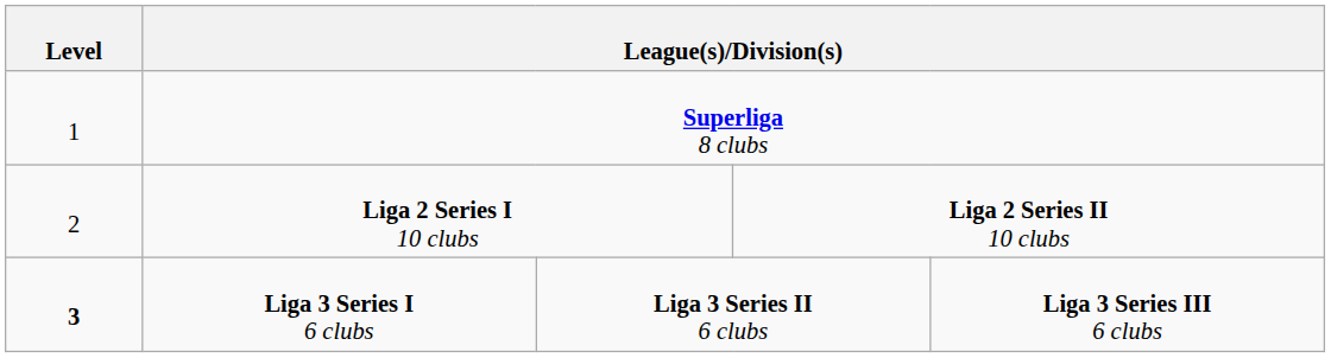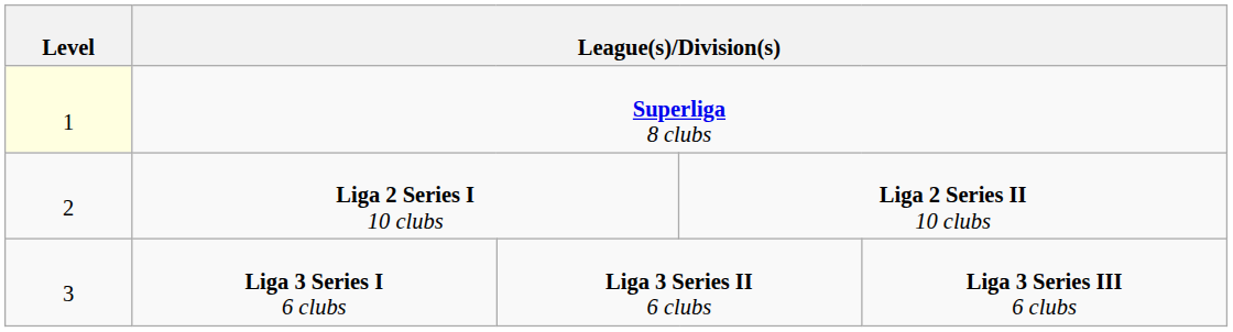 <table class="wikitable" style="text-align:center;">
 <tr>
 <th colspan="1" width="4%"><br>Level</th>
 <th colspan="6" width="98%"><br>League(s)/Division(s)</th>
 </tr>
 <tr>
-<td colspan="1" width="4%"><br>1</td>
+<td colspan="1" width="4%" style="background: lightyellow;"><br>1</td>
 <td colspan="6" width="98%"><br><strong><a href='#'>Superliga</a></strong><br> <em>8 clubs</em></td>
 </tr>
 <tr>
 <td colspan="1" width="4%"><br>2</td>
 <td colspan="3" width="49%"><br><strong>Liga 2 Series I</strong><br> <em>10 clubs</em><br></td>
 <td colspan="3" width="49%"><br><strong>Liga 2 Series II</strong><br> <em>10 clubs</em></td>
 </tr>
 <tr>
-<td colspan="1" width="4%"><strong><br>3</strong></td>
+<td colspan="1" width="4%"><br>3</td>
 <td colspan="2" width="13%"><br><strong>Liga 3 Series I</strong><br> <em>6 clubs</em><br></td>
 <td colspan="2" width="13%"><br><strong>Liga 3 Series II</strong><br> <em>6 clubs</em><br></td>
 <td colspan="2" width="13%"><br><strong>Liga 3 Series III</strong><br> <em>6 clubs</em><br></td>
 </tr>
 </table>
